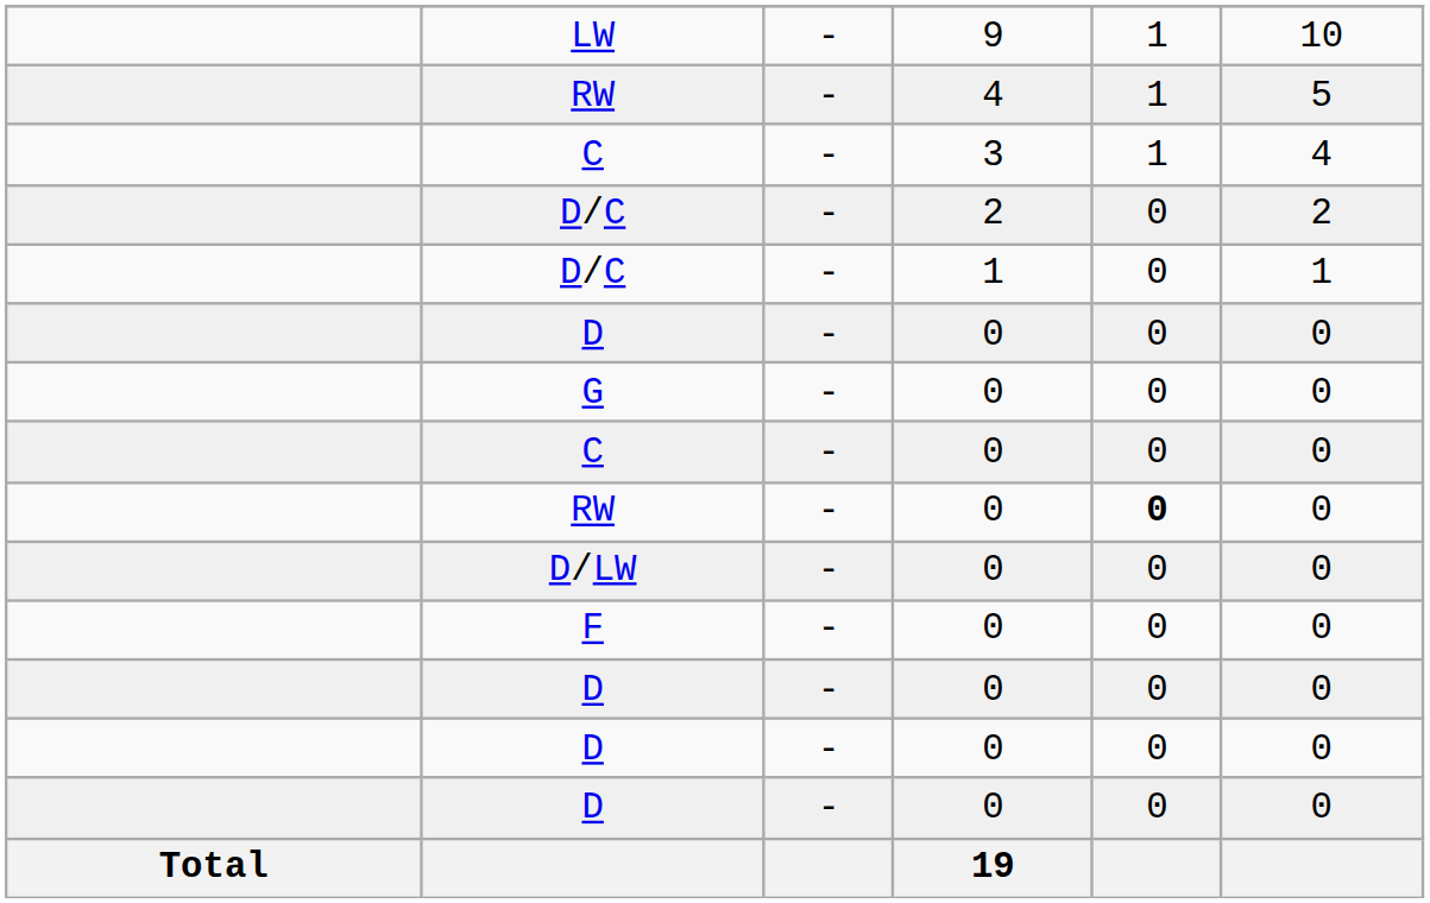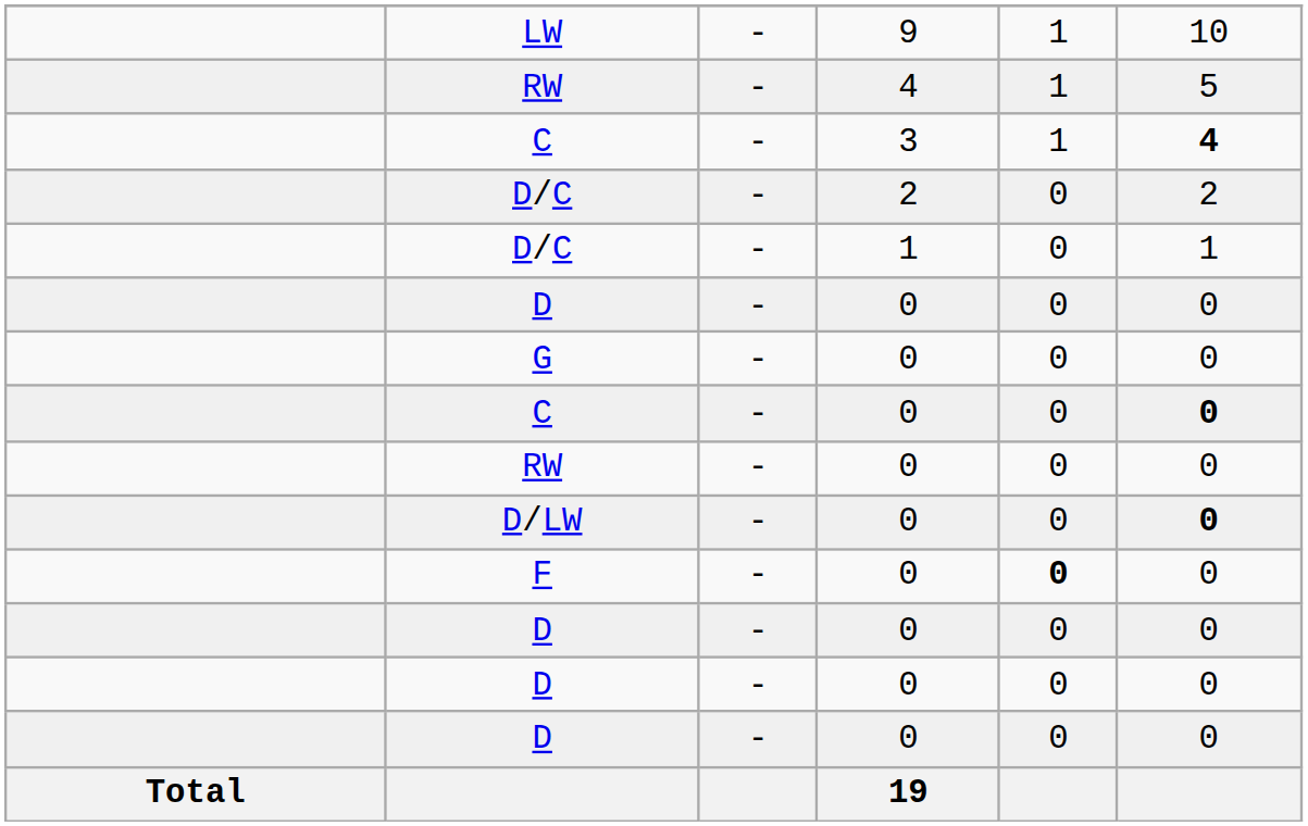 <table class="wikitable sortable" width ="40%">
 <tr align="center">
 </tr>
 <tr align="center" bgcolor="">
 <td></td>
 <td><a href='#'>LW</a></td>
 <td>-</td>
 <td>9</td>
 <td>1</td>
 <td>10</td>
 </tr>
 <tr align="center" bgcolor="f0f0f0">
 <td></td>
 <td><a href='#'>RW</a></td>
 <td>-</td>
 <td>4</td>
 <td>1</td>
 <td>5</td>
 </tr>
 <tr align="center" bgcolor="">
 <td></td>
 <td><a href='#'>C</a></td>
 <td>-</td>
 <td>3</td>
 <td>1</td>
-<td>4</td>
+<td><strong>4</strong></td>
 </tr>
 <tr align="center" bgcolor="f0f0f0">
 <td></td>
 <td><a href='#'>D</a>/<a href='#'>C</a></td>
 <td>-</td>
 <td>2</td>
 <td>0</td>
 <td>2</td>
 </tr>
 <tr align="center" bgcolor="">
 <td></td>
 <td><a href='#'>D</a>/<a href='#'>C</a></td>
 <td>-</td>
 <td>1</td>
 <td>0</td>
 <td>1</td>
 </tr>
 <tr align="center" bgcolor="f0f0f0">
 <td></td>
 <td><a href='#'>D</a></td>
 <td>-</td>
 <td>0</td>
 <td>0</td>
 <td>0</td>
 </tr>
 <tr align="center" bgcolor="">
 <td></td>
 <td><a href='#'>G</a></td>
 <td>-</td>
 <td>0</td>
 <td>0</td>
 <td>0</td>
 </tr>
 <tr align="center" bgcolor="f0f0f0">
 <td></td>
 <td><a href='#'>C</a></td>
 <td>-</td>
 <td>0</td>
 <td>0</td>
-<td>0</td>
+<td><strong>0</strong></td>
 </tr>
 <tr align="center" bgcolor="">
 <td></td>
 <td><a href='#'>RW</a></td>
 <td>-</td>
 <td>0</td>
-<td><strong>0</strong></td>
+<td>0</td>
 <td>0</td>
 </tr>
 <tr align="center" bgcolor="f0f0f0">
 <td></td>
 <td><a href='#'>D</a>/<a href='#'>LW</a></td>
 <td>-</td>
 <td>0</td>
 <td>0</td>
-<td>0</td>
+<td><strong>0</strong></td>
 </tr>
 <tr align="center" bgcolor="">
 <td></td>
 <td><a href='#'>F</a></td>
 <td>-</td>
 <td>0</td>
-<td>0</td>
+<td><strong>0</strong></td>
 <td>0</td>
 </tr>
 <tr align="center" bgcolor="f0f0f0">
 <td></td>
 <td><a href='#'>D</a></td>
 <td>-</td>
 <td>0</td>
 <td>0</td>
 <td>0</td>
 </tr>
 <tr align="center" bgcolor="">
 <td></td>
 <td><a href='#'>D</a></td>
 <td>-</td>
 <td>0</td>
 <td>0</td>
 <td>0</td>
 </tr>
 <tr align="center" bgcolor="f0f0f0">
 <td></td>
 <td><a href='#'>D</a></td>
 <td>-</td>
 <td>0</td>
 <td>0</td>
 <td>0</td>
 </tr>
 <tr>
 <th>Total</th>
 <th></th>
 <th></th>
 <th>19</th>
 <th></th>
 <th></th>
 </tr>
 </table>
